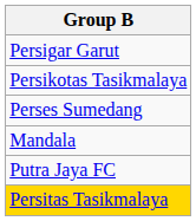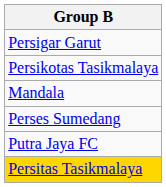 <table class="wikitable">
 <tr>
 <th><strong>Group B</strong></th>
 </tr>
 <tr>
 <td><a href='#'>Persigar Garut</a></td>
 </tr>
 <tr>
 <td><a href='#'>Persikotas Tasikmalaya</a></td>
 </tr>
 <tr>
-<td><a href='#'>Perses Sumedang</a></td>
+<td><a href='#'>Mandala</a></td>
 </tr>
 <tr>
-<td><a href='#'>Mandala</a></td>
+<td><a href='#'>Perses Sumedang</a></td>
 </tr>
 <tr>
 <td><a href='#'>Putra Jaya FC</a></td>
 </tr>
 <tr>
 <td style="background: gold;"><a href='#'>Persitas Tasikmalaya</a></td>
 </tr>
 </table>
